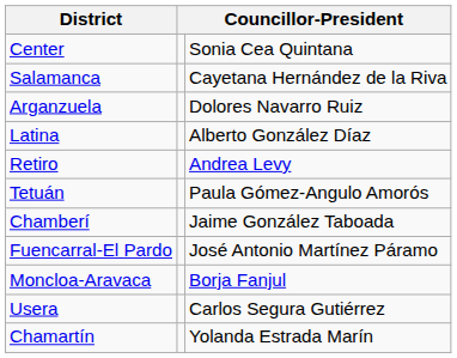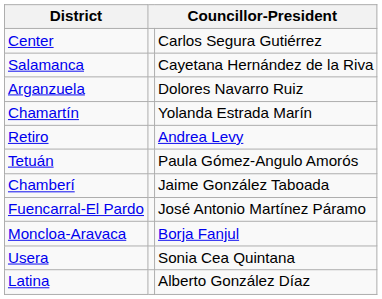 <table class="wikitable" align="center" style="margin:1em auto; display: inline-table;">
 <tr>
 <th>District</th>
 <th colspan = "2">Councillor-President</th>
 </tr>
 <tr>
 <td><a href='#'>Center</a></td>
 <td></td>
-<td>Sonia Cea Quintana</td>
+<td>Carlos Segura Gutiérrez</td>
 </tr>
 <tr>
 <td><a href='#'>Salamanca</a></td>
 <td></td>
 <td>Cayetana Hernández de la Riva</td>
 </tr>
 <tr>
 <td><a href='#'>Arganzuela</a></td>
 <td></td>
 <td>Dolores Navarro Ruiz</td>
 </tr>
 <tr>
-<td><a href='#'>Latina</a></td>
+<td><a href='#'>Chamartín</a></td>
 <td></td>
-<td>Alberto González Díaz</td>
+<td>Yolanda Estrada Marín</td>
 </tr>
 <tr>
 <td><a href='#'>Retiro</a></td>
 <td></td>
 <td><a href='#'>Andrea Levy</a></td>
 </tr>
 <tr>
 <td><a href='#'>Tetuán</a></td>
 <td></td>
 <td>Paula Gómez-Angulo Amorós</td>
 </tr>
 <tr>
 <td><a href='#'>Chamberí</a></td>
 <td></td>
 <td>Jaime González Taboada</td>
 </tr>
 <tr>
 <td><a href='#'>Fuencarral-El Pardo</a></td>
 <td></td>
 <td>José Antonio Martínez Páramo</td>
 </tr>
 <tr>
 <td><a href='#'>Moncloa-Aravaca</a></td>
 <td></td>
 <td><a href='#'>Borja Fanjul</a></td>
 </tr>
 <tr>
 <td><a href='#'>Usera</a></td>
 <td></td>
-<td>Carlos Segura Gutiérrez</td>
+<td>Sonia Cea Quintana</td>
 </tr>
 <tr>
-<td><a href='#'>Chamartín</a></td>
+<td><a href='#'>Latina</a></td>
 <td></td>
-<td>Yolanda Estrada Marín</td>
+<td>Alberto González Díaz</td>
 </tr>
 </table>
